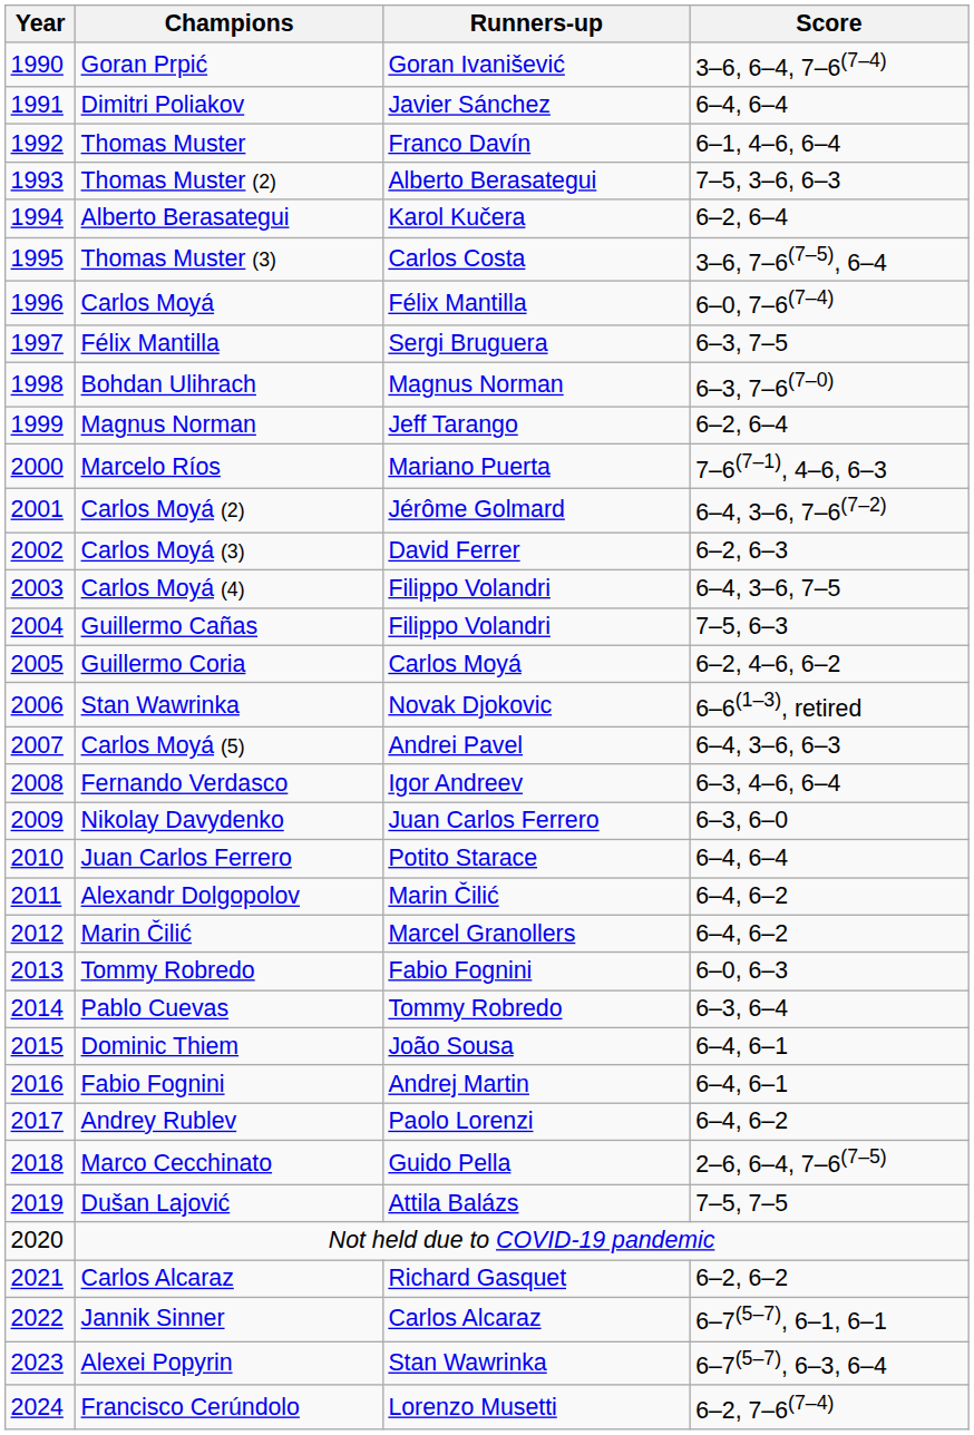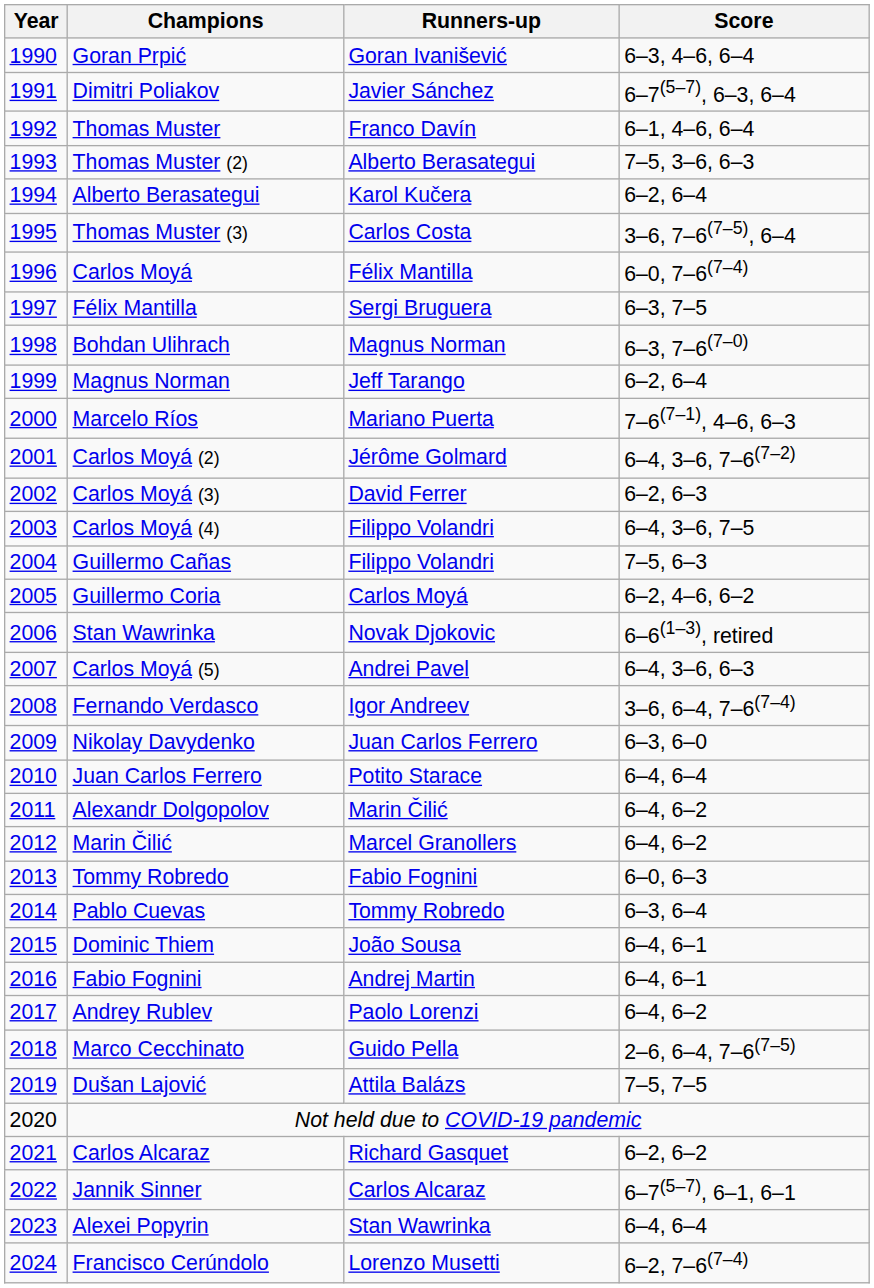 <table class="wikitable">
 <tr>
 <th style="width:40px">Year</th>
 <th style="width:200px">Champions</th>
 <th style="width:200px">Runners-up</th>
 <th style="width:180px" class="unsortable">Score</th>
 </tr>
 <tr>
 <td><a href='#'>1990</a></td>
 <td> <a href='#'>Goran Prpić</a></td>
 <td> <a href='#'>Goran Ivanišević</a></td>
-<td>3–6, 6–4, 7–6<sup>(7–4)</sup></td>
+<td>6–3, 4–6, 6–4</td>
 </tr>
 <tr>
 <td><a href='#'>1991</a></td>
 <td> <a href='#'>Dimitri Poliakov</a></td>
 <td> <a href='#'>Javier Sánchez</a></td>
-<td>6–4, 6–4</td>
+<td>6–7<sup>(5–7)</sup>, 6–3, 6–4</td>
 </tr>
 <tr>
 <td><a href='#'>1992</a></td>
 <td> <a href='#'>Thomas Muster</a></td>
 <td> <a href='#'>Franco Davín</a></td>
 <td>6–1, 4–6, 6–4</td>
 </tr>
 <tr>
 <td><a href='#'>1993</a></td>
 <td> <a href='#'>Thomas Muster</a> <small>(2)</small></td>
 <td> <a href='#'>Alberto Berasategui</a></td>
 <td>7–5, 3–6, 6–3</td>
 </tr>
 <tr>
 <td><a href='#'>1994</a></td>
 <td> <a href='#'>Alberto Berasategui</a></td>
 <td> <a href='#'>Karol Kučera</a></td>
 <td>6–2, 6–4</td>
 </tr>
 <tr>
 <td><a href='#'>1995</a></td>
 <td> <a href='#'>Thomas Muster</a> <small>(3)</small></td>
 <td> <a href='#'>Carlos Costa</a></td>
 <td>3–6, 7–6<sup>(7–5)</sup>, 6–4</td>
 </tr>
 <tr>
 <td><a href='#'>1996</a></td>
 <td> <a href='#'>Carlos Moyá</a></td>
 <td> <a href='#'>Félix Mantilla</a></td>
 <td>6–0, 7–6<sup>(7–4)</sup></td>
 </tr>
 <tr>
 <td><a href='#'>1997</a></td>
 <td> <a href='#'>Félix Mantilla</a></td>
 <td> <a href='#'>Sergi Bruguera</a></td>
 <td>6–3, 7–5</td>
 </tr>
 <tr>
 <td><a href='#'>1998</a></td>
 <td> <a href='#'>Bohdan Ulihrach</a></td>
 <td> <a href='#'>Magnus Norman</a></td>
 <td>6–3, 7–6<sup>(7–0)</sup></td>
 </tr>
 <tr>
 <td><a href='#'>1999</a></td>
 <td> <a href='#'>Magnus Norman</a></td>
 <td> <a href='#'>Jeff Tarango</a></td>
 <td>6–2, 6–4</td>
 </tr>
 <tr>
 <td><a href='#'>2000</a></td>
 <td> <a href='#'>Marcelo Ríos</a></td>
 <td> <a href='#'>Mariano Puerta</a></td>
 <td>7–6<sup>(7–1)</sup>, 4–6, 6–3</td>
 </tr>
 <tr>
 <td><a href='#'>2001</a></td>
 <td> <a href='#'>Carlos Moyá</a> <small>(2)</small></td>
 <td> <a href='#'>Jérôme Golmard</a></td>
 <td>6–4, 3–6, 7–6<sup>(7–2)</sup></td>
 </tr>
 <tr>
 <td><a href='#'>2002</a></td>
 <td> <a href='#'>Carlos Moyá</a> <small>(3)</small></td>
 <td> <a href='#'>David Ferrer</a></td>
 <td>6–2, 6–3</td>
 </tr>
 <tr>
 <td><a href='#'>2003</a></td>
 <td> <a href='#'>Carlos Moyá</a> <small>(4)</small></td>
 <td> <a href='#'>Filippo Volandri</a></td>
 <td>6–4, 3–6, 7–5</td>
 </tr>
 <tr>
 <td><a href='#'>2004</a></td>
 <td> <a href='#'>Guillermo Cañas</a></td>
 <td> <a href='#'>Filippo Volandri</a></td>
 <td>7–5, 6–3</td>
 </tr>
 <tr>
 <td><a href='#'>2005</a></td>
 <td> <a href='#'>Guillermo Coria</a></td>
 <td> <a href='#'>Carlos Moyá</a></td>
 <td>6–2, 4–6, 6–2</td>
 </tr>
 <tr>
 <td><a href='#'>2006</a></td>
 <td> <a href='#'>Stan Wawrinka</a></td>
 <td> <a href='#'>Novak Djokovic</a></td>
 <td>6–6<sup>(1–3)</sup>, retired</td>
 </tr>
 <tr>
 <td><a href='#'>2007</a></td>
 <td> <a href='#'>Carlos Moyá</a> <small>(5)</small></td>
 <td> <a href='#'>Andrei Pavel</a></td>
 <td>6–4, 3–6, 6–3</td>
 </tr>
 <tr>
 <td><a href='#'>2008</a></td>
 <td> <a href='#'>Fernando Verdasco</a></td>
 <td> <a href='#'>Igor Andreev</a></td>
-<td>6–3, 4–6, 6–4</td>
+<td>3–6, 6–4, 7–6<sup>(7–4)</sup></td>
 </tr>
 <tr>
 <td><a href='#'>2009</a></td>
 <td> <a href='#'>Nikolay Davydenko</a></td>
 <td> <a href='#'>Juan Carlos Ferrero</a></td>
 <td>6–3, 6–0</td>
 </tr>
 <tr>
 <td><a href='#'>2010</a></td>
 <td> <a href='#'>Juan Carlos Ferrero</a></td>
 <td> <a href='#'>Potito Starace</a></td>
 <td>6–4, 6–4</td>
 </tr>
 <tr>
 <td><a href='#'>2011</a></td>
 <td> <a href='#'>Alexandr Dolgopolov</a></td>
 <td> <a href='#'>Marin Čilić</a></td>
 <td>6–4, 6–2</td>
 </tr>
 <tr>
 <td><a href='#'>2012</a></td>
 <td> <a href='#'>Marin Čilić</a></td>
 <td> <a href='#'>Marcel Granollers</a></td>
 <td>6–4, 6–2</td>
 </tr>
 <tr>
 <td><a href='#'>2013</a></td>
 <td> <a href='#'>Tommy Robredo</a></td>
 <td> <a href='#'>Fabio Fognini</a></td>
 <td>6–0, 6–3</td>
 </tr>
 <tr>
 <td><a href='#'>2014</a></td>
 <td> <a href='#'>Pablo Cuevas</a></td>
 <td> <a href='#'>Tommy Robredo</a></td>
 <td>6–3, 6–4</td>
 </tr>
 <tr>
 <td><a href='#'>2015</a></td>
 <td> <a href='#'>Dominic Thiem</a></td>
 <td> <a href='#'>João Sousa</a></td>
 <td>6–4, 6–1</td>
 </tr>
 <tr>
 <td><a href='#'>2016</a></td>
 <td> <a href='#'>Fabio Fognini</a></td>
 <td> <a href='#'>Andrej Martin</a></td>
 <td>6–4, 6–1</td>
 </tr>
 <tr>
 <td><a href='#'>2017</a></td>
 <td> <a href='#'>Andrey Rublev</a></td>
 <td> <a href='#'>Paolo Lorenzi</a></td>
 <td>6–4, 6–2</td>
 </tr>
 <tr>
 <td><a href='#'>2018</a></td>
 <td> <a href='#'>Marco Cecchinato</a></td>
 <td> <a href='#'>Guido Pella</a></td>
 <td>2–6, 6–4, 7–6<sup>(7–5)</sup></td>
 </tr>
 <tr>
 <td><a href='#'>2019</a></td>
 <td> <a href='#'>Dušan Lajović</a></td>
 <td> <a href='#'>Attila Balázs</a></td>
 <td>7–5, 7–5</td>
 </tr>
 <tr>
 <td style=background:>2020</td>
 <td colspan=3 align=center style=background:><em>Not held due to <a href='#'>COVID-19 pandemic</a></em></td>
 </tr>
 <tr>
 <td><a href='#'>2021</a></td>
 <td> <a href='#'>Carlos Alcaraz</a></td>
 <td> <a href='#'>Richard Gasquet</a></td>
 <td>6–2, 6–2</td>
 </tr>
 <tr>
 <td><a href='#'>2022</a></td>
 <td> <a href='#'>Jannik Sinner</a></td>
 <td> <a href='#'>Carlos Alcaraz</a></td>
 <td>6–7<sup>(5–7)</sup>, 6–1, 6–1</td>
 </tr>
 <tr>
 <td><a href='#'>2023</a></td>
 <td> <a href='#'>Alexei Popyrin</a></td>
 <td> <a href='#'>Stan Wawrinka</a></td>
-<td>6–7<sup>(5–7)</sup>, 6–3, 6–4</td>
+<td>6–4, 6–4</td>
 </tr>
 <tr>
 <td><a href='#'>2024</a></td>
 <td> <a href='#'>Francisco Cerúndolo</a></td>
 <td> <a href='#'>Lorenzo Musetti</a></td>
 <td>6–2, 7–6<sup>(7–4)</sup></td>
 </tr>
 </table>
